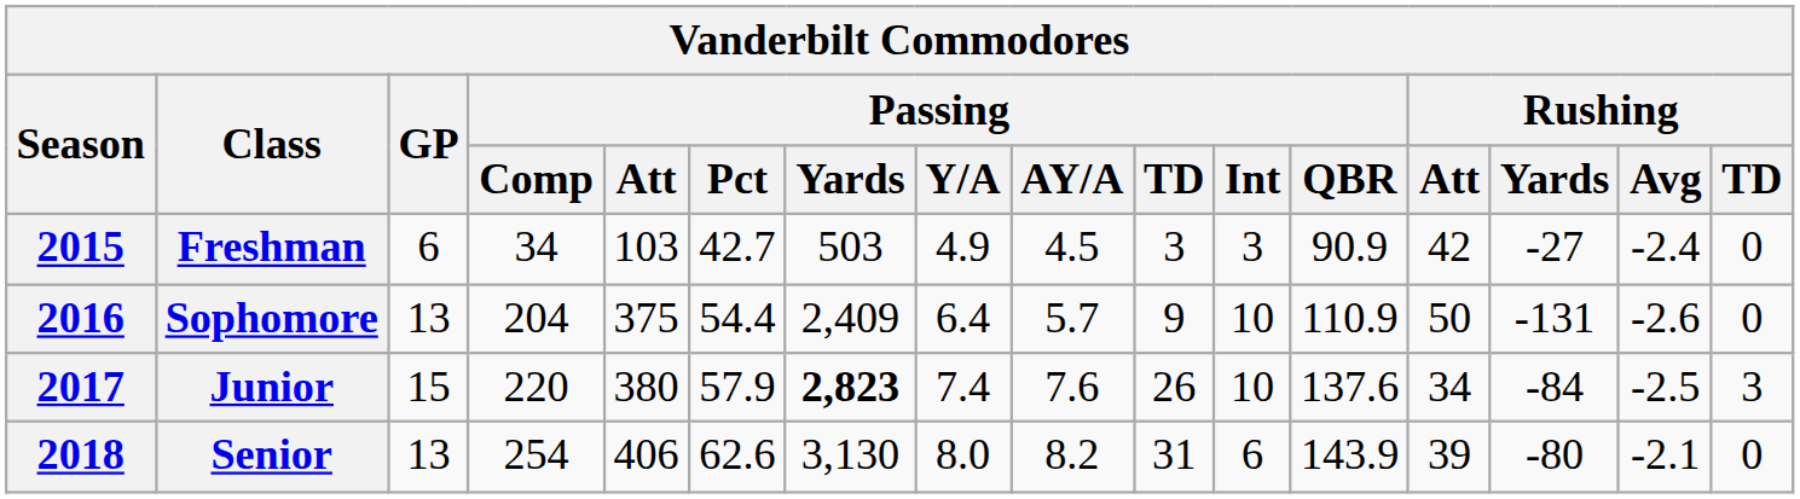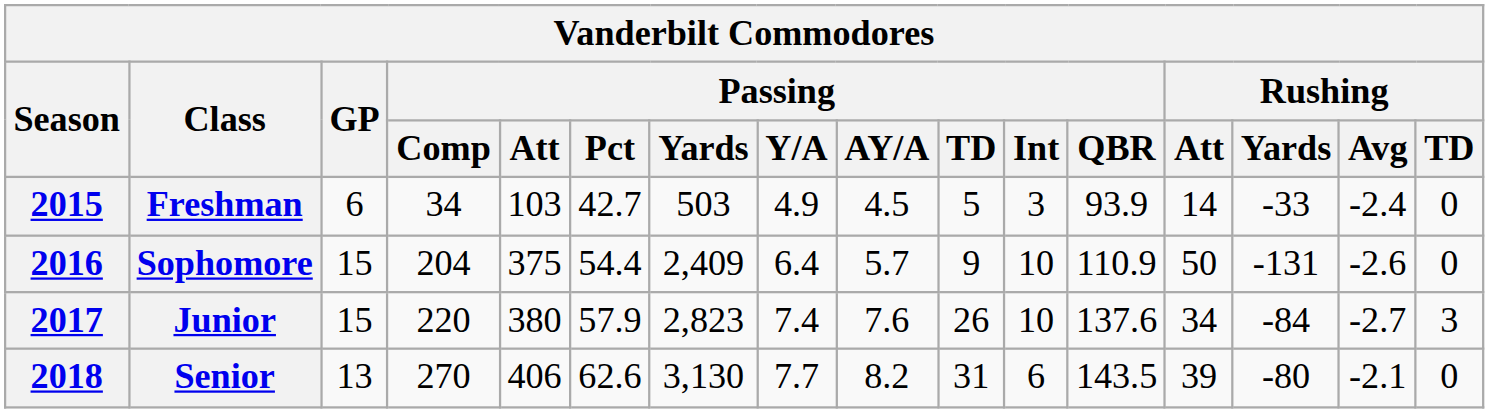 <table class="wikitable" style="text-align:center;">
 <tr>
 <th colspan="18">Vanderbilt Commodores</th>
 </tr>
 <tr>
 <th rowspan="2">Season</th>
 <th rowspan="2">Class</th>
 <th rowspan="2">GP</th>
 <th colspan="9">Passing</th>
 <th colspan="4">Rushing</th>
 </tr>
 <tr>
 <th>Comp</th>
 <th>Att</th>
 <th>Pct</th>
 <th>Yards</th>
 <th>Y/A</th>
 <th>AY/A</th>
 <th>TD</th>
 <th>Int</th>
 <th>QBR</th>
 <th>Att</th>
 <th>Yards</th>
 <th>Avg</th>
 <th>TD</th>
 </tr>
 <tr>
 <th><a href='#'>2015</a></th>
 <th><a href='#'>Freshman</a></th>
 <td>6</td>
 <td>34</td>
 <td>103</td>
 <td>42.7</td>
 <td>503</td>
 <td>4.9</td>
 <td>4.5</td>
+<td>5</td>
 <td>3</td>
-<td>3</td>
-<td>90.9</td>
-<td>42</td>
-<td>-27</td>
+<td>93.9</td>
+<td>14</td>
+<td>-33</td>
 <td>-2.4</td>
 <td>0</td>
 </tr>
 <tr>
 <th><a href='#'>2016</a></th>
 <th><a href='#'>Sophomore</a></th>
-<td>13</td>
+<td>15</td>
 <td>204</td>
 <td>375</td>
 <td>54.4</td>
 <td>2,409</td>
 <td>6.4</td>
 <td>5.7</td>
 <td>9</td>
 <td>10</td>
 <td>110.9</td>
 <td>50</td>
 <td>-131</td>
 <td>-2.6</td>
 <td>0</td>
 </tr>
 <tr>
 <th><a href='#'>2017</a></th>
 <th><a href='#'>Junior</a></th>
 <td>15</td>
 <td>220</td>
 <td>380</td>
 <td>57.9</td>
-<td><strong>2,823</strong></td>
+<td>2,823</td>
 <td>7.4</td>
 <td>7.6</td>
 <td>26</td>
 <td>10</td>
 <td>137.6</td>
 <td>34</td>
 <td>-84</td>
-<td>-2.5</td>
+<td>-2.7</td>
 <td>3</td>
 </tr>
 <tr>
 <th><a href='#'>2018</a></th>
 <th><a href='#'>Senior</a></th>
 <td>13</td>
-<td>254</td>
+<td>270</td>
 <td>406</td>
 <td>62.6</td>
 <td>3,130</td>
-<td>8.0</td>
+<td>7.7</td>
 <td>8.2</td>
 <td>31</td>
 <td>6</td>
-<td>143.9</td>
+<td>143.5</td>
 <td>39</td>
 <td>-80</td>
 <td>-2.1</td>
 <td>0</td>
 </tr>
 </table>
